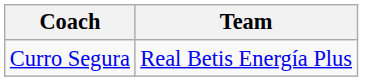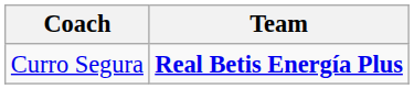 <table class="wikitable">
 <tr>
 <th style="text-align:center;">Coach</th>
 <th style="text-align:center;">Team</th>
 </tr>
 <tr>
 <td> <a href='#'>Curro Segura</a></td>
-<td><a href='#'>Real Betis Energía Plus</a></td>
+<td><strong><a href='#'>Real Betis Energía Plus</a></strong></td>
 </tr>
 </table>
